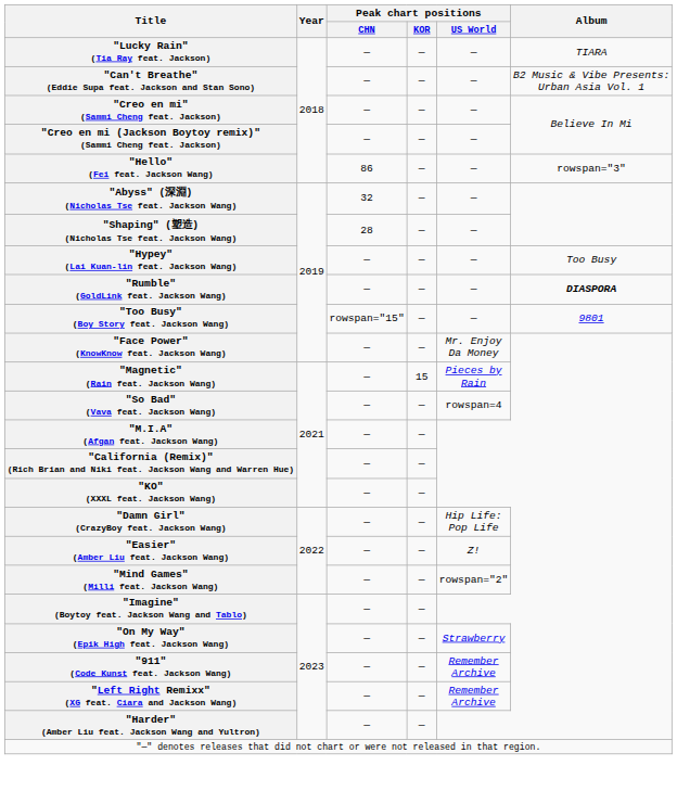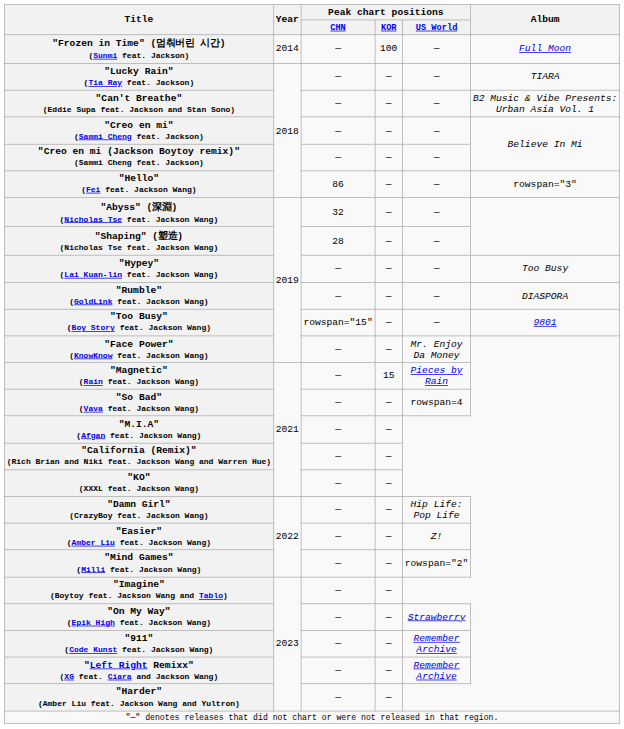 <table class="wikitable plainrowheaders" style="text-align:center;">
 <tr>
 <th scope="col" rowspan="2">Title</th>
 <th scope="col" rowspan="2">Year</th>
 <th scope="col" colspan="3">Peak chart positions</th>
 <th scope="col" rowspan="2">Album</th>
 </tr>
 <tr>
 <th scope="col" style="width:2.7em;font-size:90%;"><a href='#'>CHN</a><br></th>
 <th scope="col" style="width:2.7em;font-size:90%;"><a href='#'>KOR</a><br> </th>
 <th scope="col" style="width:2.7em;font-size:90%;"><a href='#'>US World</a><br></th>
+</tr>
+<tr>
+<th scope="row">"Frozen in Time" (멈춰버린 시간)<br><small>(<a href='#'>Sunmi</a> feat. Jackson)</small></th>
+<td>2014</td>
+<td>—</td>
+<td>100</td>
+<td>—</td>
+<td><em><a href='#'>Full Moon</a></em></td>
 </tr>
 <tr>
 <th scope="row">"Lucky Rain"<br><small>(<a href='#'>Tia Ray</a> feat. Jackson)</small></th>
 <td rowspan="5">2018</td>
 <td>—</td>
 <td>—</td>
 <td>—</td>
 <td><em>TIARA</em></td>
 </tr>
 <tr>
 <th scope="row">"Can't Breathe"<br><small>(Eddie Supa feat. Jackson and Stan Sono)</small></th>
 <td>—</td>
 <td>—</td>
 <td>—</td>
 <td><em>B2 Music & Vibe Presents:<br>Urban Asia Vol. 1</em></td>
 </tr>
 <tr>
 <th scope="row">"Creo en mi"<br><small>(<a href='#'>Sammi Cheng</a> feat. Jackson)</small></th>
 <td>—</td>
 <td>—</td>
 <td>—</td>
 <td rowspan=2><em>Believe In Mi</em></td>
 </tr>
 <tr>
 <th scope="row">"Creo en mi (Jackson Boytoy remix)"<br><small>(Sammi Cheng feat. Jackson)</small></th>
 <td>—</td>
 <td>—</td>
 <td>—</td>
 </tr>
 <tr>
 <th scope="row">"Hello"<br><small>(<a href='#'>Fei</a> feat. Jackson Wang)</small></th>
 <td>86</td>
 <td>—</td>
 <td>—</td>
 <td>rowspan="3" </td>
 </tr>
 <tr>
 <th scope="row">"Abyss" (深淵)<br><small>(<a href='#'>Nicholas Tse</a> feat. Jackson Wang)</small></th>
 <td rowspan="6">2019</td>
 <td>32</td>
 <td>—</td>
 <td>—</td>
 </tr>
 <tr>
 <th scope="row">"Shaping" (塑造)<br><small>(Nicholas Tse feat. Jackson Wang)</small></th>
 <td>28</td>
 <td>—</td>
 <td>—</td>
 </tr>
 <tr>
 <th scope="row">"Hypey"<br><small>(<a href='#'>Lai Kuan-lin</a> feat. Jackson Wang)</small></th>
 <td>—</td>
 <td>—</td>
 <td>—</td>
 <td><em>Too Busy</em></td>
 </tr>
 <tr>
 <th scope="row">"Rumble"<br><small>(<a href='#'>GoldLink</a> feat. Jackson Wang)</small></th>
 <td>—</td>
 <td>—</td>
 <td>—</td>
-<td><strong><em>DIASPORA</em></strong></td>
+<td><em>DIASPORA</em></td>
 </tr>
 <tr>
 <th scope="row">"Too Busy"<br><small>(<a href='#'>Boy Story</a> feat. Jackson Wang)</small></th>
 <td>rowspan="15" </td>
 <td>—</td>
 <td>—</td>
 <td><em><a href='#'>9801</a></em></td>
 </tr>
 <tr>
 <th scope="row">"Face Power"<br><small>(<a href='#'>KnowKnow</a> feat. Jackson Wang)</small></th>
 <td>—</td>
 <td>—</td>
 <td><em>Mr. Enjoy Da Money</em></td>
 </tr>
 <tr>
 <th scope="row">"Magnetic"<br><small>(<a href='#'>Rain</a> feat. Jackson Wang)</small></th>
 <td rowspan=5>2021</td>
 <td>—</td>
 <td>15</td>
 <td><em><a href='#'>Pieces by Rain</a></em></td>
 </tr>
 <tr>
 <th scope="row">"So Bad"<br><small>(<a href='#'>Vava</a> feat. Jackson Wang)</small></th>
 <td>—</td>
 <td>—</td>
 <td>rowspan=4 </td>
 </tr>
 <tr>
 <th scope="row">"M.I.A"<br><small>(<a href='#'>Afgan</a> feat. Jackson Wang)</small></th>
 <td>—</td>
 <td>—</td>
 </tr>
 <tr>
 <th scope="row">"California (Remix)"<br><small>(Rich Brian and Niki feat. Jackson Wang and Warren Hue)</small></th>
 <td>—</td>
 <td>—</td>
 </tr>
 <tr>
 <th scope="row">"KO"<br><small>(XXXL feat. Jackson Wang)</small></th>
 <td>—</td>
 <td>—</td>
 </tr>
 <tr>
 <th scope="row">"Damn Girl"<br><small>(CrazyBoy feat. Jackson Wang)</small></th>
 <td rowspan=3>2022</td>
 <td>—</td>
 <td>—</td>
 <td><em>Hip Life: Pop Life</em></td>
 </tr>
 <tr>
 <th scope="row">"Easier"<br><small>(<a href='#'>Amber Liu</a> feat. Jackson Wang)</small></th>
 <td>—</td>
 <td>—</td>
 <td><em>Z!</em></td>
 </tr>
 <tr>
 <th scope="row">"Mind Games"<br><small>(<a href='#'>Milli</a> feat. Jackson Wang)</small></th>
 <td>—</td>
 <td>—</td>
 <td>rowspan="2" </td>
 </tr>
 <tr>
 <th scope="row">"Imagine"<br><small>(Boytoy feat. Jackson Wang and <a href='#'>Tablo</a>)</small></th>
 <td rowspan="5">2023</td>
 <td>—</td>
 <td>—</td>
 </tr>
 <tr>
 <th scope="row">"On My Way"<br><small>(<a href='#'>Epik High</a> feat. Jackson Wang)</small></th>
 <td>—</td>
 <td>—</td>
 <td><em><a href='#'>Strawberry</a></em></td>
 </tr>
 <tr>
 <th scope="row">"911"<br><small>(<a href='#'>Code Kunst</a> feat. Jackson Wang)</small></th>
 <td>—</td>
 <td>—</td>
 <td><em><a href='#'>Remember Archive</a></em></td>
 </tr>
 <tr>
 <th scope="row">"<a href='#'>Left Right</a> Remixx"<br><small>(<a href='#'>XG</a> feat. <a href='#'>Ciara</a> and Jackson Wang)</small></th>
 <td>—</td>
 <td>—</td>
 <td><em><a href='#'>Remember Archive</a></em></td>
 </tr>
 <tr>
 <th scope="row">"Harder"<br><small>(Amber Liu feat. Jackson Wang and Yultron)</small></th>
 <td>—</td>
 <td>—</td>
 </tr>
 <tr>
 <td colspan="6" style="font-size:85%">"—" denotes releases that did not chart or were not released in that region.</td>
 </tr>
 </table>
